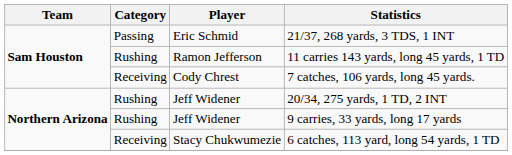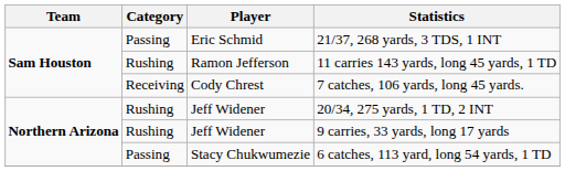 <table class="wikitable" style="float: right;">
 <tr>
 <th>Team</th>
 <th>Category</th>
 <th>Player</th>
 <th>Statistics</th>
 </tr>
 <tr>
 <td rowspan=3><strong>Sam Houston</strong></td>
 <td>Passing</td>
 <td>Eric Schmid</td>
 <td>21/37, 268 yards, 3 TDS, 1 INT</td>
 </tr>
 <tr>
 <td>Rushing</td>
 <td>Ramon Jefferson</td>
 <td>11 carries 143 yards, long 45 yards, 1 TD</td>
 </tr>
 <tr>
 <td>Receiving</td>
 <td>Cody Chrest</td>
 <td>7 catches, 106 yards, long 45 yards.</td>
 </tr>
 <tr>
 <td rowspan=3><strong>Northern Arizona</strong></td>
 <td>Rushing</td>
 <td>Jeff Widener</td>
 <td>20/34, 275 yards, 1 TD, 2 INT</td>
 </tr>
 <tr>
 <td>Rushing</td>
 <td>Jeff Widener</td>
 <td>9 carries, 33 yards, long 17 yards</td>
 </tr>
 <tr>
-<td>Receiving</td>
+<td>Passing</td>
 <td>Stacy Chukwumezie</td>
 <td>6 catches, 113 yard, long 54 yards, 1 TD</td>
 </tr>
 <tr>
 </tr>
 </table>
